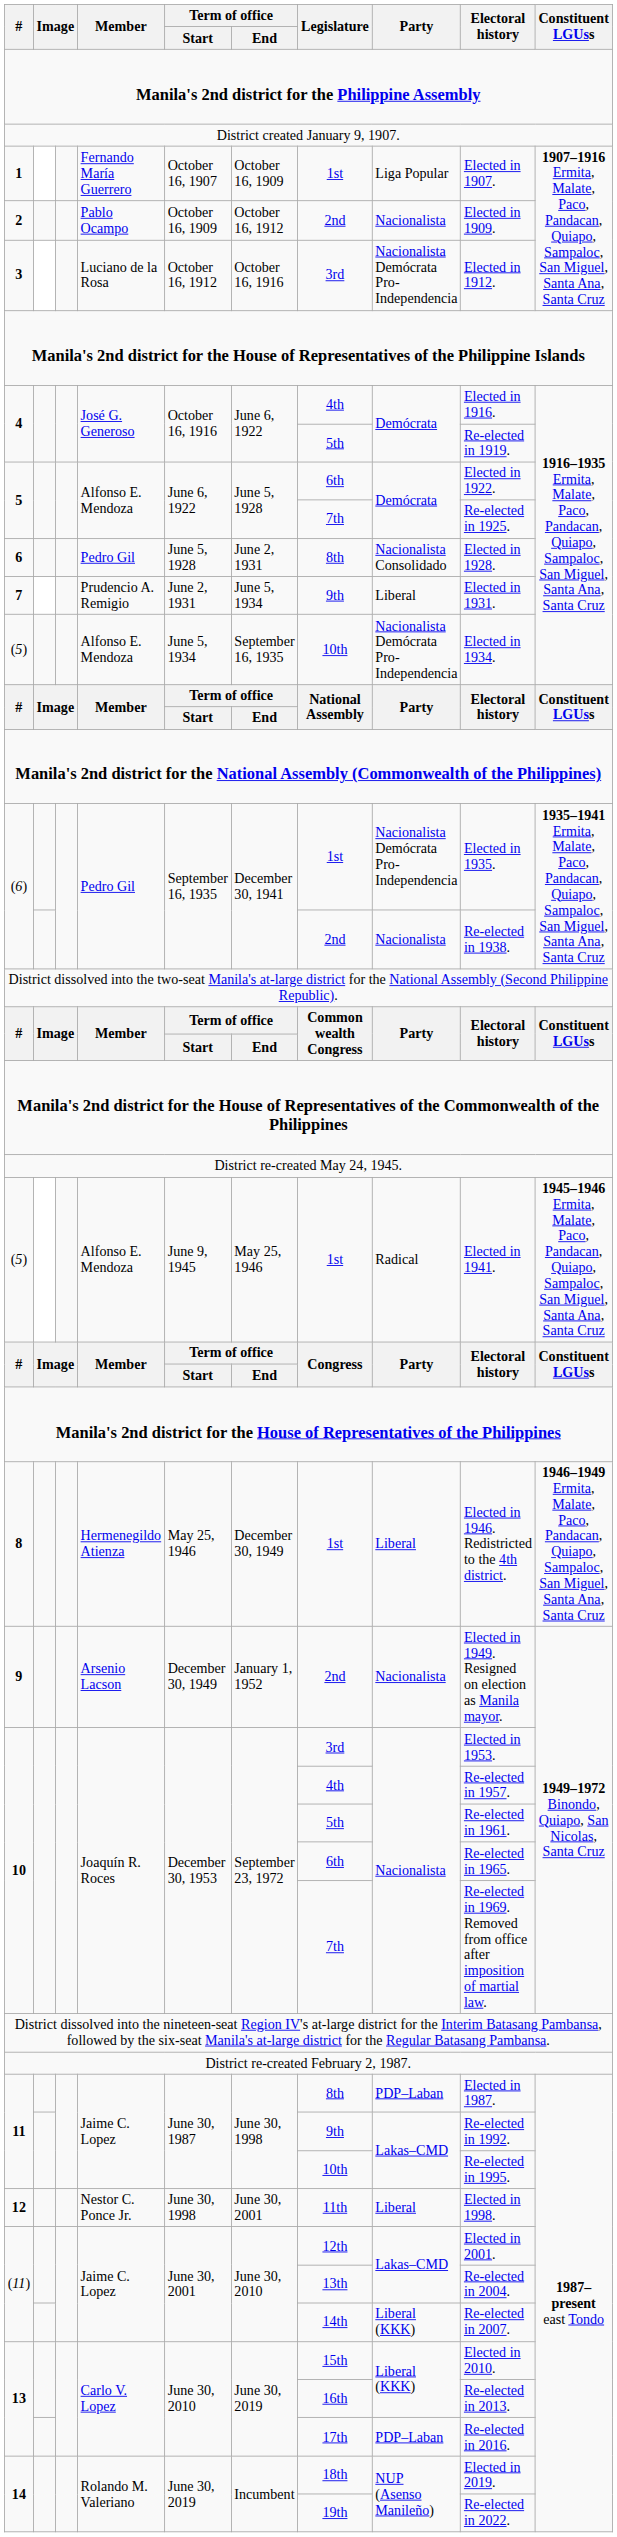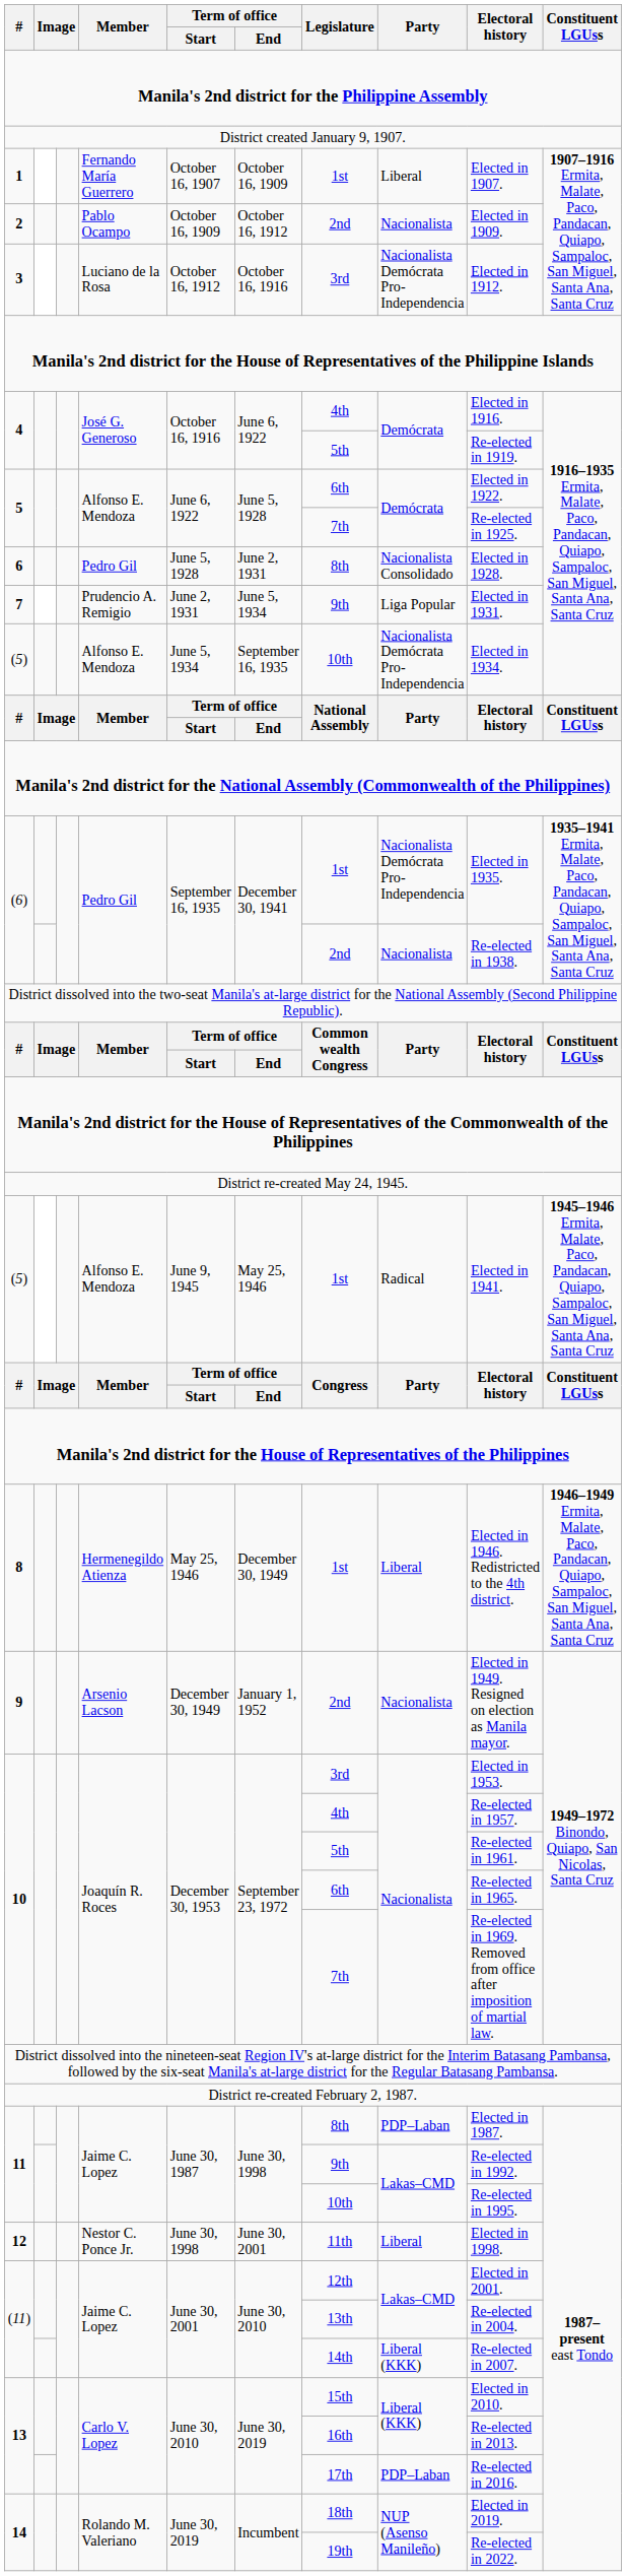 <table class=wikitable>
 <tr>
 <th rowspan="2">#</th>
 <th rowspan="2" colspan=2>Image</th>
 <th rowspan="2">Member</th>
 <th colspan=2>Term of office</th>
 <th rowspan="2">Legislature</th>
 <th rowspan="2">Party</th>
 <th rowspan="2">Electoral history</th>
 <th rowspan="2">Constituent<br><a href='#'>LGUs</a>s</th>
 </tr>
 <tr>
 <th>Start</th>
 <th>End</th>
 </tr>
 <tr>
 <td colspan="10" style="text-align:center;"><br><h3>Manila's 2nd district for the <a href='#'>Philippine Assembly</a></h3></td>
 </tr>
 <tr>
 <td colspan="10" style="text-align:center;">District created January 9, 1907.</td>
 </tr>
 <tr>
 <td style="text-align:center;"><strong>1</strong></td>
 <td style="background-color:#FFFFFF"></td>
 <td></td>
 <td><a href='#'>Fernando María Guerrero</a></td>
 <td>October 16, 1907</td>
 <td>October 16, 1909</td>
 <td style="text-align:center;"><a href='#'>1st</a></td>
-<td>Liga Popular</td>
+<td>Liberal</td>
 <td><a href='#'>Elected in 1907</a>.</td>
 <td rowspan="3" style="text-align:center;"><strong>1907–1916</strong><br><a href='#'>Ermita</a>, <a href='#'>Malate</a>, <a href='#'>Paco</a>, <a href='#'>Pandacan</a>, <a href='#'>Quiapo</a>, <a href='#'>Sampaloc</a>, <a href='#'>San Miguel</a>, <a href='#'>Santa Ana</a>, <a href='#'>Santa Cruz</a></td>
 </tr>
 <tr>
 <td style="text-align:center;"><strong>2</strong></td>
 <td style="color:inherit;background:"></td>
 <td></td>
 <td><a href='#'>Pablo Ocampo</a></td>
 <td>October 16, 1909</td>
 <td>October 16, 1912</td>
 <td style="text-align:center;"><a href='#'>2nd</a></td>
 <td><a href='#'>Nacionalista</a></td>
 <td><a href='#'>Elected in 1909</a>.</td>
 </tr>
 <tr>
 <td style="text-align:center;"><strong>3</strong></td>
 <td style="background-color:#FFFFFF"></td>
 <td></td>
 <td>Luciano de la Rosa</td>
 <td>October 16, 1912</td>
 <td>October 16, 1916</td>
 <td style="text-align:center;"><a href='#'>3rd</a></td>
 <td><a href='#'>Nacionalista</a><br>Demócrata Pro-Independencia</td>
 <td><a href='#'>Elected in 1912</a>.</td>
 </tr>
 <tr>
 <td colspan="10" style="text-align:center;"><br><h3>Manila's 2nd district for the House of Representatives of the Philippine Islands</h3></td>
 </tr>
 <tr>
 <td rowspan="2" style="text-align:center;"><strong>4</strong></td>
 <td rowspan="2" style="color:inherit;background:"></td>
 <td rowspan="2"></td>
 <td rowspan="2"><a href='#'>José G. Generoso</a></td>
 <td rowspan="2">October 16, 1916</td>
 <td rowspan="2">June 6, 1922</td>
 <td style="text-align:center;"><a href='#'>4th</a></td>
 <td rowspan="2"><a href='#'>Demócrata</a></td>
 <td><a href='#'>Elected in 1916</a>.</td>
 <td rowspan="7" style="text-align:center;"><strong>1916–1935</strong><br><a href='#'>Ermita</a>, <a href='#'>Malate</a>, <a href='#'>Paco</a>, <a href='#'>Pandacan</a>, <a href='#'>Quiapo</a>, <a href='#'>Sampaloc</a>, <a href='#'>San Miguel</a>, <a href='#'>Santa Ana</a>, <a href='#'>Santa Cruz</a></td>
 </tr>
 <tr>
 <td style="text-align:center;"><a href='#'>5th</a></td>
 <td><a href='#'>Re-elected in 1919</a>.</td>
 </tr>
 <tr>
 <td rowspan="2" style="text-align:center;"><strong>5</strong></td>
 <td rowspan="2" style="color:inherit;background:"></td>
 <td rowspan="2"></td>
 <td rowspan="2">Alfonso E. Mendoza</td>
 <td rowspan="2">June 6, 1922</td>
 <td rowspan="2">June 5, 1928</td>
 <td style="text-align:center;"><a href='#'>6th</a></td>
 <td rowspan="2"><a href='#'>Demócrata</a></td>
 <td><a href='#'>Elected in 1922</a>.</td>
 </tr>
 <tr>
 <td style="text-align:center;"><a href='#'>7th</a></td>
 <td><a href='#'>Re-elected in 1925</a>.</td>
 </tr>
 <tr>
 <td style="text-align:center;"><strong>6</strong></td>
 <td style="color:inherit;background:"></td>
 <td></td>
 <td><a href='#'>Pedro Gil</a></td>
 <td>June 5, 1928</td>
 <td>June 2, 1931</td>
 <td style="text-align:center;"><a href='#'>8th</a></td>
 <td><a href='#'>Nacionalista</a><br>Consolidado</td>
 <td><a href='#'>Elected in 1928</a>.</td>
 </tr>
 <tr>
 <td style="text-align:center;"><strong>7</strong></td>
 <td style="background-color:#FFFFFF"></td>
 <td></td>
 <td>Prudencio A. Remigio</td>
 <td>June 2, 1931</td>
 <td>June 5, 1934</td>
 <td style="text-align:center;"><a href='#'>9th</a></td>
-<td>Liberal</td>
+<td>Liga Popular</td>
 <td><a href='#'>Elected in 1931</a>.</td>
 </tr>
 <tr>
 <td style="text-align:center;">(<em>5</em>)</td>
 <td style="color:inherit;background:"></td>
 <td></td>
 <td>Alfonso E. Mendoza</td>
 <td>June 5, 1934</td>
 <td>September 16, 1935</td>
 <td style="text-align:center;"><a href='#'>10th</a></td>
 <td><a href='#'>Nacionalista</a><br>Demócrata Pro-Independencia</td>
 <td><a href='#'>Elected in 1934</a>.</td>
 </tr>
 <tr>
 <th rowspan="2">#</th>
 <th rowspan="2" colspan=2>Image</th>
 <th rowspan="2">Member</th>
 <th colspan=2>Term of office</th>
 <th rowspan="2">National<br>Assembly</th>
 <th rowspan="2">Party</th>
 <th rowspan="2">Electoral history</th>
 <th rowspan="2">Constituent<br><a href='#'>LGUs</a>s</th>
 </tr>
 <tr>
 <th>Start</th>
 <th>End</th>
 </tr>
 <tr>
 <td colspan="10" style="text-align:center;"><br><h3>Manila's 2nd district for the <a href='#'>National Assembly (Commonwealth of the Philippines)</a></h3></td>
 </tr>
 <tr>
 <td rowspan="2" style="text-align:center;">(<em>6</em>)</td>
 <td style="color:inherit;background:"></td>
 <td rowspan="2"></td>
 <td rowspan="2"><a href='#'>Pedro Gil</a></td>
 <td rowspan="2">September 16, 1935</td>
 <td rowspan="2">December 30, 1941</td>
 <td style="text-align:center;"><a href='#'>1st</a></td>
 <td><a href='#'>Nacionalista</a><br>Demócrata Pro-Independencia</td>
 <td><a href='#'>Elected in 1935</a>.</td>
 <td rowspan="2" style="text-align:center;"><strong>1935–1941</strong><br><a href='#'>Ermita</a>, <a href='#'>Malate</a>, <a href='#'>Paco</a>, <a href='#'>Pandacan</a>, <a href='#'>Quiapo</a>, <a href='#'>Sampaloc</a>, <a href='#'>San Miguel</a>, <a href='#'>Santa Ana</a>, <a href='#'>Santa Cruz</a></td>
 </tr>
 <tr>
 <td style="color:inherit;background:"></td>
 <td style="text-align:center;"><a href='#'>2nd</a></td>
 <td><a href='#'>Nacionalista</a></td>
 <td><a href='#'>Re-elected in 1938</a>.</td>
 </tr>
 <tr>
 <td colspan="10" style="text-align:center;">District dissolved into the two-seat <a href='#'>Manila's at-large district</a> for the <a href='#'>National Assembly (Second Philippine Republic)</a>.</td>
 </tr>
 <tr>
 <th rowspan="2">#</th>
 <th rowspan="2" colspan=2>Image</th>
 <th rowspan="2">Member</th>
 <th colspan=2>Term of office</th>
 <th rowspan="2">Common<br>wealth<br>Congress</th>
 <th rowspan="2">Party</th>
 <th rowspan="2">Electoral history</th>
 <th rowspan="2">Constituent<br><a href='#'>LGUs</a>s</th>
 </tr>
 <tr>
 <th>Start</th>
 <th>End</th>
 </tr>
 <tr>
 <td colspan="10" style="text-align:center;"><br><h3>Manila's 2nd district for the House of Representatives of the Commonwealth of the Philippines</h3></td>
 </tr>
 <tr>
 <td colspan="10" style="text-align:center;">District re-created May 24, 1945.</td>
 </tr>
 <tr>
 <td style="text-align:center;">(<em>5</em>)</td>
 <td style="background-color:#FFFFFF"></td>
 <td></td>
 <td>Alfonso E. Mendoza</td>
 <td>June 9, 1945</td>
 <td>May 25, 1946</td>
 <td style="text-align:center;"><a href='#'>1st</a></td>
 <td>Radical</td>
 <td><a href='#'>Elected in 1941</a>.</td>
 <td style="text-align:center;"><strong>1945–1946</strong><br><a href='#'>Ermita</a>, <a href='#'>Malate</a>, <a href='#'>Paco</a>, <a href='#'>Pandacan</a>, <a href='#'>Quiapo</a>, <a href='#'>Sampaloc</a>, <a href='#'>San Miguel</a>, <a href='#'>Santa Ana</a>, <a href='#'>Santa Cruz</a></td>
 </tr>
 <tr>
 <th rowspan="2">#</th>
 <th rowspan="2" colspan=2>Image</th>
 <th rowspan="2">Member</th>
 <th colspan=2>Term of office</th>
 <th rowspan="2">Congress</th>
 <th rowspan="2">Party</th>
 <th rowspan="2">Electoral history</th>
 <th rowspan="2">Constituent<br><a href='#'>LGUs</a>s</th>
 </tr>
 <tr>
 <th>Start</th>
 <th>End</th>
 </tr>
 <tr>
 <td colspan="10" style="text-align:center;"><br><h3>Manila's 2nd district for the <a href='#'>House of Representatives of the Philippines</a></h3></td>
 </tr>
 <tr>
 <td style="text-align:center;"><strong>8</strong></td>
 <td style="color:inherit;background:"></td>
 <td></td>
 <td><a href='#'>Hermenegildo Atienza</a></td>
 <td>May 25, 1946</td>
 <td>December 30, 1949</td>
 <td style="text-align:center;"><a href='#'>1st</a></td>
 <td><a href='#'>Liberal</a></td>
 <td><a href='#'>Elected in 1946</a>.<br>Redistricted to the <a href='#'>4th district</a>.</td>
 <td style="text-align:center;"><strong>1946–1949</strong><br><a href='#'>Ermita</a>, <a href='#'>Malate</a>, <a href='#'>Paco</a>, <a href='#'>Pandacan</a>, <a href='#'>Quiapo</a>, <a href='#'>Sampaloc</a>, <a href='#'>San Miguel</a>, <a href='#'>Santa Ana</a>, <a href='#'>Santa Cruz</a></td>
 </tr>
 <tr>
 <td style="text-align:center;"><strong>9</strong></td>
 <td style="color:inherit;background:"></td>
 <td></td>
 <td><a href='#'>Arsenio Lacson</a></td>
 <td>December 30, 1949</td>
 <td>January 1, 1952</td>
 <td style="text-align:center;"><a href='#'>2nd</a></td>
 <td><a href='#'>Nacionalista</a></td>
 <td><a href='#'>Elected in 1949</a>.<br>Resigned on election as <a href='#'>Manila mayor</a>.</td>
 <td rowspan="6" style="text-align:center;"><strong>1949–1972</strong><br><a href='#'>Binondo</a>, <a href='#'>Quiapo</a>, <a href='#'>San Nicolas</a>, <a href='#'>Santa Cruz</a></td>
 </tr>
 <tr>
 <td rowspan="5" style="text-align:center;"><strong>10</strong></td>
 <td rowspan="5" style="color:inherit;background:"></td>
 <td rowspan="5"></td>
 <td rowspan="5">Joaquín R. Roces</td>
 <td rowspan="5">December 30, 1953</td>
 <td rowspan="5">September 23, 1972</td>
 <td style="text-align:center;"><a href='#'>3rd</a></td>
 <td rowspan="5"><a href='#'>Nacionalista</a></td>
 <td><a href='#'>Elected in 1953</a>.</td>
 </tr>
 <tr>
 <td style="text-align:center;"><a href='#'>4th</a></td>
 <td><a href='#'>Re-elected in 1957</a>.</td>
 </tr>
 <tr>
 <td style="text-align:center;"><a href='#'>5th</a></td>
 <td><a href='#'>Re-elected in 1961</a>.</td>
 </tr>
 <tr>
 <td style="text-align:center;"><a href='#'>6th</a></td>
 <td><a href='#'>Re-elected in 1965</a>.</td>
 </tr>
 <tr>
 <td style="text-align:center;"><a href='#'>7th</a></td>
 <td><a href='#'>Re-elected in 1969</a>.<br>Removed from office after <a href='#'>imposition of martial law</a>.</td>
 </tr>
 <tr>
 <td colspan="10" style="text-align:center;">District dissolved into the nineteen-seat <a href='#'>Region IV</a>'s at-large district for the <a href='#'>Interim Batasang Pambansa</a>, followed by the six-seat <a href='#'>Manila's at-large district</a> for the <a href='#'>Regular Batasang Pambansa</a>.</td>
 </tr>
 <tr>
 <td colspan="10" style="text-align:center;">District re-created February 2, 1987.</td>
 </tr>
 <tr>
 <td rowspan="3" style="text-align:center;"><strong>11</strong></td>
 <td style="color:inherit;background:"></td>
 <td rowspan="3"></td>
 <td rowspan="3">Jaime C. Lopez</td>
 <td rowspan="3">June 30, 1987</td>
 <td rowspan="3">June 30, 1998</td>
 <td style="text-align:center;"><a href='#'>8th</a></td>
 <td><a href='#'>PDP–Laban</a></td>
 <td><a href='#'>Elected in 1987</a>.</td>
 <td rowspan="12" style="text-align:center;"><strong>1987–present</strong><br>east <a href='#'>Tondo</a></td>
 </tr>
 <tr>
 <td rowspan="2" style="color:inherit;background:"></td>
 <td style="text-align:center;"><a href='#'>9th</a></td>
 <td rowspan="2"><a href='#'>Lakas–CMD</a></td>
 <td><a href='#'>Re-elected in 1992</a>.</td>
 </tr>
 <tr>
 <td style="text-align:center;"><a href='#'>10th</a></td>
 <td><a href='#'>Re-elected in 1995</a>.</td>
 </tr>
 <tr>
 <td style="text-align:center;"><strong>12</strong></td>
 <td style="color:inherit;background:"></td>
 <td></td>
 <td>Nestor C. Ponce Jr.</td>
 <td>June 30, 1998</td>
 <td>June 30, 2001</td>
 <td style="text-align:center;"><a href='#'>11th</a></td>
 <td><a href='#'>Liberal</a></td>
 <td><a href='#'>Elected in 1998</a>.</td>
 </tr>
 <tr>
 <td rowspan="3" style="text-align:center;">(<em>11</em>)</td>
 <td rowspan="2" style="color:inherit;background:"></td>
 <td rowspan="3"></td>
 <td rowspan="3">Jaime C. Lopez</td>
 <td rowspan="3">June 30, 2001</td>
 <td rowspan="3">June 30, 2010</td>
 <td style="text-align:center;"><a href='#'>12th</a></td>
 <td rowspan="2"><a href='#'>Lakas–CMD</a></td>
 <td><a href='#'>Elected in 2001</a>.</td>
 </tr>
 <tr>
 <td style="text-align:center;"><a href='#'>13th</a></td>
 <td><a href='#'>Re-elected in 2004</a>.</td>
 </tr>
 <tr>
 <td style="color:inherit;background:"></td>
 <td style="text-align:center;"><a href='#'>14th</a></td>
 <td><a href='#'>Liberal</a> (<a href='#'>KKK</a>)</td>
 <td><a href='#'>Re-elected in 2007</a>.</td>
 </tr>
 <tr>
 <td rowspan="3" style="text-align:center;"><strong>13</strong></td>
 <td rowspan="2" style="color:inherit;background:"></td>
 <td rowspan="3"></td>
 <td rowspan="3"><a href='#'>Carlo V. Lopez</a></td>
 <td rowspan="3">June 30, 2010</td>
 <td rowspan="3">June 30, 2019</td>
 <td style="text-align:center;"><a href='#'>15th</a></td>
 <td rowspan="2"><a href='#'>Liberal</a> (<a href='#'>KKK</a>)</td>
 <td><a href='#'>Elected in 2010</a>.</td>
 </tr>
 <tr>
 <td style="text-align:center;"><a href='#'>16th</a></td>
 <td><a href='#'>Re-elected in 2013</a>.</td>
 </tr>
 <tr>
 <td style="color:inherit;background:"></td>
 <td style="text-align:center;"><a href='#'>17th</a></td>
 <td><a href='#'>PDP–Laban</a></td>
 <td><a href='#'>Re-elected in 2016</a>.</td>
 </tr>
 <tr>
 <td rowspan="2" style="text-align:center;"><strong>14</strong></td>
 <td rowspan="2" style="color:inherit;background:"></td>
 <td rowspan="2"></td>
 <td rowspan="3">Rolando M. Valeriano</td>
 <td rowspan="2">June 30, 2019</td>
 <td rowspan="2">Incumbent</td>
 <td style="text-align:center;"><a href='#'>18th</a></td>
 <td rowspan="2"><a href='#'>NUP</a><br>(<a href='#'>Asenso Manileño</a>)</td>
 <td><a href='#'>Elected in 2019</a>.</td>
 </tr>
 <tr>
 <td style="text-align:center;"><a href='#'>19th</a></td>
 <td><a href='#'>Re-elected in 2022</a>.</td>
 </tr>
 </table>
